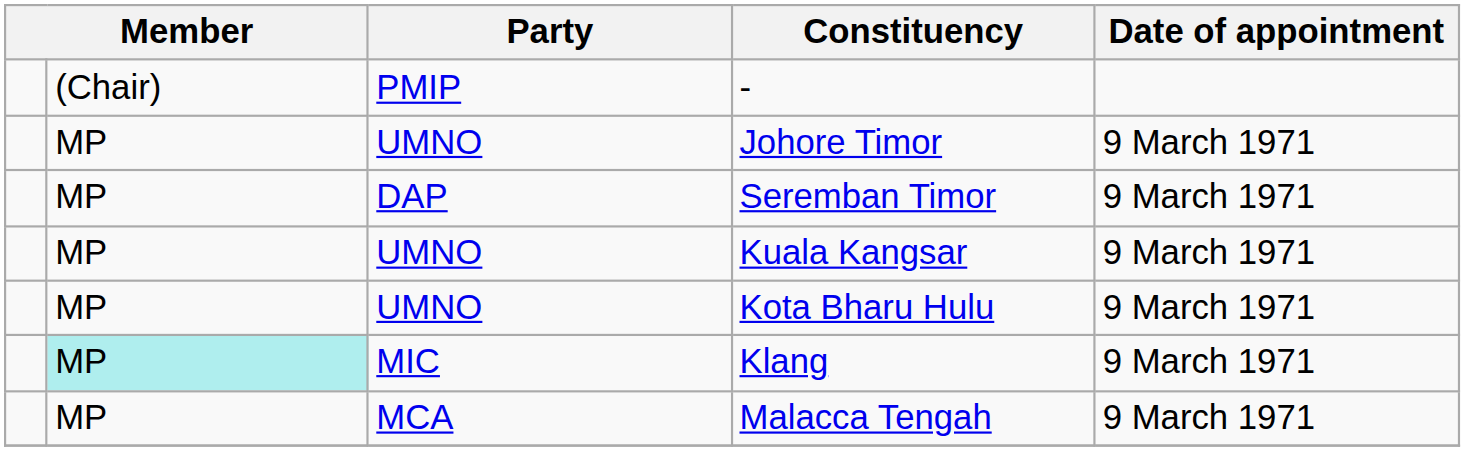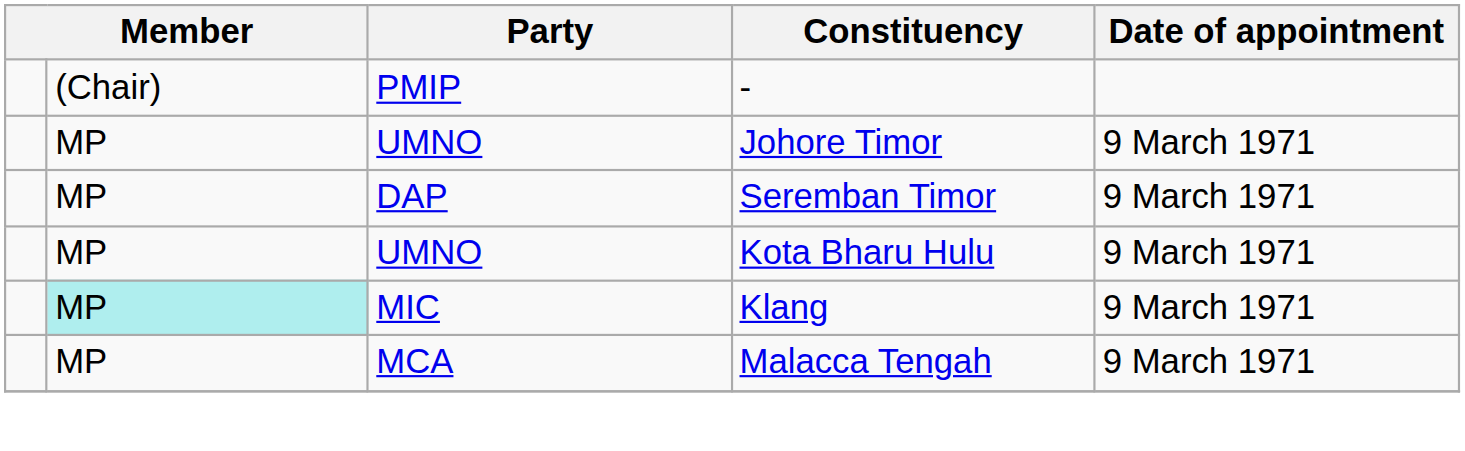 <table class="sortable wikitable">
 <tr>
 <th width="160px" colspan="2" valign="top">Member</th>
 <th width="160px" valign="top">Party</th>
 <th width="160px" valign="top">Constituency</th>
 <th width="160px" valign="top">Date of appointment</th>
 </tr>
 <tr>
 <td></td>
 <td> (Chair)</td>
 <td><a href='#'>PMIP</a></td>
 <td>-</td>
 <td></td>
 </tr>
 <tr>
 <td></td>
 <td> MP</td>
 <td><a href='#'>UMNO</a></td>
 <td><a href='#'>Johore Timor</a></td>
 <td>9 March 1971</td>
 </tr>
 <tr>
 <td></td>
 <td> MP</td>
 <td><a href='#'>DAP</a></td>
 <td><a href='#'>Seremban Timor</a></td>
 <td>9 March 1971</td>
 </tr>
 <tr>
 <td></td>
 <td> MP</td>
 <td><a href='#'>UMNO</a></td>
-<td><a href='#'>Kuala Kangsar</a></td>
-<td>9 March 1971</td>
-</tr>
-<tr>
-<td></td>
-<td> MP</td>
-<td><a href='#'>UMNO</a></td>
 <td><a href='#'>Kota Bharu Hulu</a></td>
 <td>9 March 1971</td>
 </tr>
 <tr>
 <td></td>
 <td style="background: paleturquoise;"> MP</td>
 <td><a href='#'>MIC</a></td>
 <td><a href='#'>Klang</a></td>
 <td>9 March 1971</td>
 </tr>
 <tr>
 <td></td>
 <td> MP</td>
 <td><a href='#'>MCA</a></td>
 <td><a href='#'>Malacca Tengah</a></td>
 <td>9 March 1971</td>
 </tr>
 <tr>
 </tr>
 </table>
